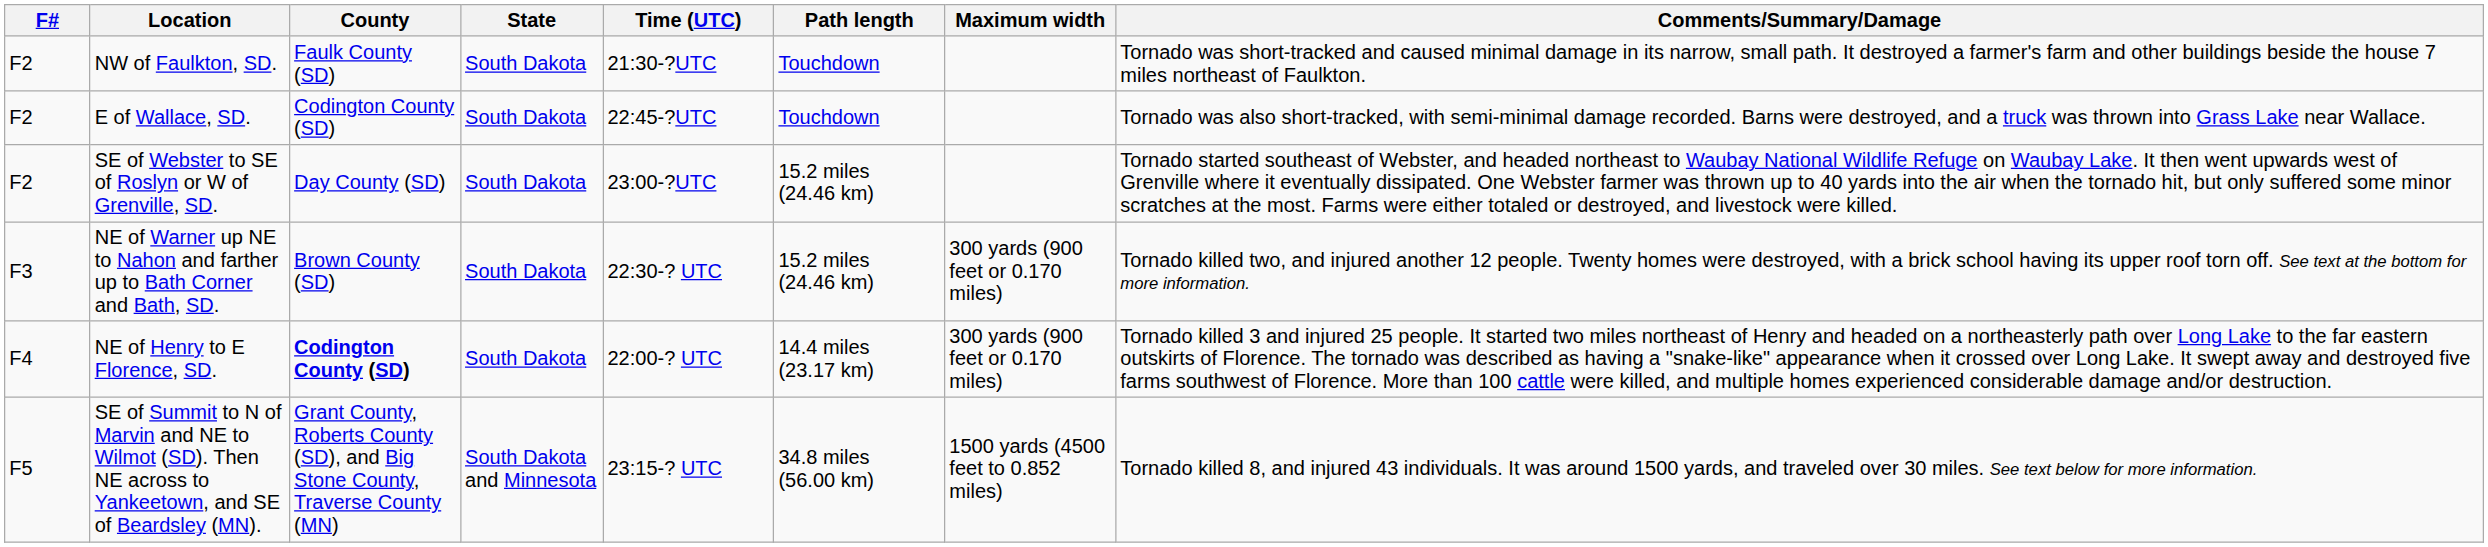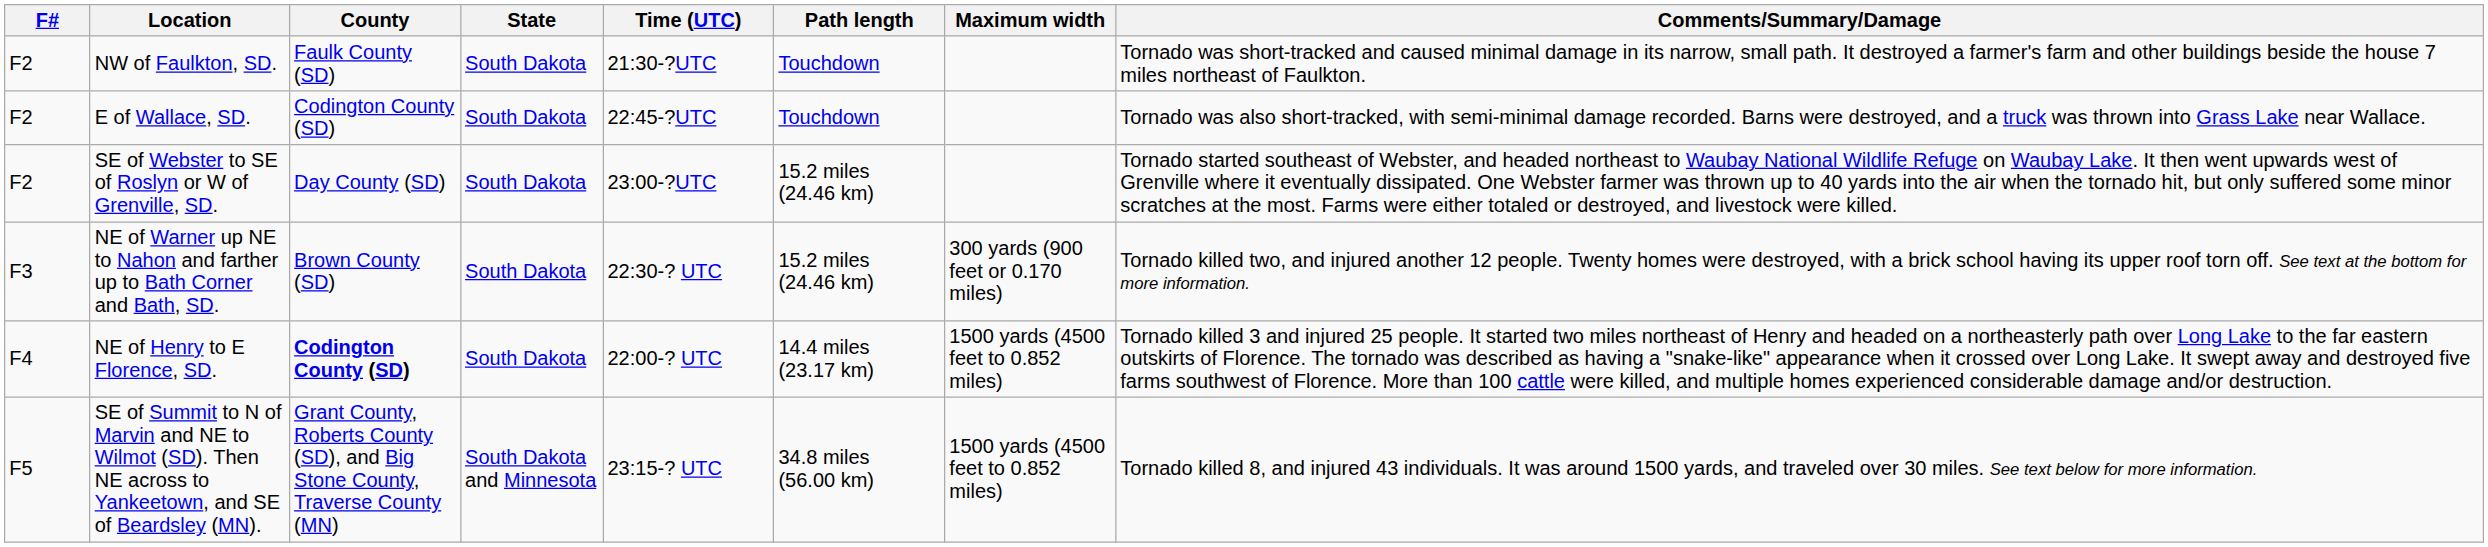 <table class="wikitable" style="width:100%;">
 <tr>
 <th scope="col" style="width:3%; text-align:center;"><a href='#'>F#</a></th>
 <th class="unsortable" scope="col" style="width:7%; text-align:center;">Location</th>
 <th class="unsortable" scope="col" style="width:6%; text-align:center;">County</th>
 <th scope="col" style="width:5%; text-align:center;">State</th>
 <th scope="col" style="width:6%; text-align:center;">Time (<a href='#'>UTC</a>)</th>
 <th scope="col" style="width:6%; text-align:center;">Path length</th>
 <th scope="col" style="width:6%; text-align:center;">Maximum width</th>
 <th class="unsortable" scope="col" style="width:48%; text-align:center;">Comments/Summary/Damage</th>
 </tr>
 <tr>
 <td>F2</td>
 <td>NW of <a href='#'>Faulkton</a>, <a href='#'>SD</a>.</td>
 <td><a href='#'>Faulk County</a> (<a href='#'>SD</a>)</td>
 <td><a href='#'>South Dakota</a></td>
 <td>21:30-?<a href='#'>UTC</a></td>
 <td><a href='#'>Touchdown</a></td>
 <td></td>
 <td>Tornado was short-tracked and caused minimal damage in its narrow, small path. It destroyed a farmer's farm and other buildings beside the house 7 miles northeast of Faulkton.</td>
 </tr>
 <tr>
 <td>F2</td>
 <td>E of <a href='#'>Wallace</a>, <a href='#'>SD</a>.</td>
 <td><a href='#'>Codington County</a> (<a href='#'>SD</a>)</td>
 <td><a href='#'>South Dakota</a></td>
 <td>22:45-?<a href='#'>UTC</a></td>
 <td><a href='#'>Touchdown</a></td>
 <td></td>
 <td>Tornado was also short-tracked, with semi-minimal damage recorded. Barns were destroyed, and a <a href='#'>truck</a> was thrown into <a href='#'>Grass Lake</a> near Wallace.</td>
 </tr>
 <tr>
 <td>F2</td>
 <td>SE of <a href='#'>Webster</a> to SE of <a href='#'>Roslyn</a> or W of <a href='#'>Grenville</a>, <a href='#'>SD</a>.</td>
 <td><a href='#'>Day County</a> (<a href='#'>SD</a>)</td>
 <td><a href='#'>South Dakota</a></td>
 <td>23:00-?<a href='#'>UTC</a></td>
 <td>15.2 miles (24.46 km)</td>
 <td></td>
 <td>Tornado started southeast of Webster, and headed northeast to <a href='#'>Waubay National Wildlife Refuge</a> on <a href='#'>Waubay Lake</a>. It then went upwards west of Grenville where it eventually dissipated. One Webster farmer was thrown up to 40 yards into the air when the tornado hit, but only suffered some minor scratches at the most. Farms were either totaled or destroyed, and livestock were killed.</td>
 </tr>
 <tr>
 <td>F3</td>
 <td>NE of <a href='#'>Warner</a> up NE to <a href='#'>Nahon</a> and farther up to <a href='#'>Bath Corner</a> and <a href='#'>Bath</a>, <a href='#'>SD</a>.</td>
 <td><a href='#'>Brown County</a> (<a href='#'>SD</a>)</td>
 <td><a href='#'>South Dakota</a></td>
 <td>22:30-? <a href='#'>UTC</a></td>
 <td>15.2 miles (24.46 km)</td>
 <td>300 yards (900 feet or 0.170 miles)</td>
 <td>Tornado killed two, and injured another 12 people. Twenty homes were destroyed, with a brick school having its upper roof torn off. <em><small>See text at the bottom for more information.</small></em></td>
 </tr>
 <tr>
 <td>F4</td>
 <td>NE of <a href='#'>Henry</a> to E <a href='#'>Florence</a>, <a href='#'>SD</a>.</td>
 <td><strong><a href='#'>Codington County</a> (<a href='#'>SD</a>)</strong></td>
 <td><a href='#'>South Dakota</a></td>
 <td>22:00-? <a href='#'>UTC</a></td>
 <td>14.4 miles (23.17 km)</td>
-<td>300 yards (900 feet or 0.170 miles)</td>
+<td>1500 yards (4500 feet to 0.852 miles)</td>
 <td>Tornado killed 3 and injured 25 people. It started two miles northeast of Henry and headed on a northeasterly path over <a href='#'>Long Lake</a> to the far eastern outskirts of Florence. The tornado was described as having a "snake-like" appearance when it crossed over Long Lake. It swept away and destroyed five farms southwest of Florence. More than 100 <a href='#'>cattle</a> were killed, and multiple homes experienced considerable damage and/or destruction.</td>
 </tr>
 <tr>
 <td>F5</td>
 <td>SE of <a href='#'>Summit</a> to N of <a href='#'>Marvin</a> and NE to <a href='#'>Wilmot</a> (<a href='#'>SD</a>). Then NE across to <a href='#'>Yankeetown</a>, and SE of <a href='#'>Beardsley</a> (<a href='#'>MN</a>).</td>
 <td><a href='#'>Grant County</a>, <a href='#'>Roberts County</a> (<a href='#'>SD</a>), and <a href='#'>Big Stone County</a>, <a href='#'>Traverse County</a> (<a href='#'>MN</a>)</td>
 <td><a href='#'>South Dakota</a> and <a href='#'>Minnesota</a></td>
 <td>23:15-? <a href='#'>UTC</a></td>
 <td>34.8 miles (56.00 km)</td>
 <td>1500 yards (4500 feet to 0.852 miles)</td>
 <td>Tornado killed 8, and injured 43 individuals. It was around 1500 yards, and traveled over 30 miles. <em><small>See text below for more information.</small></em></td>
 </tr>
 </table>
